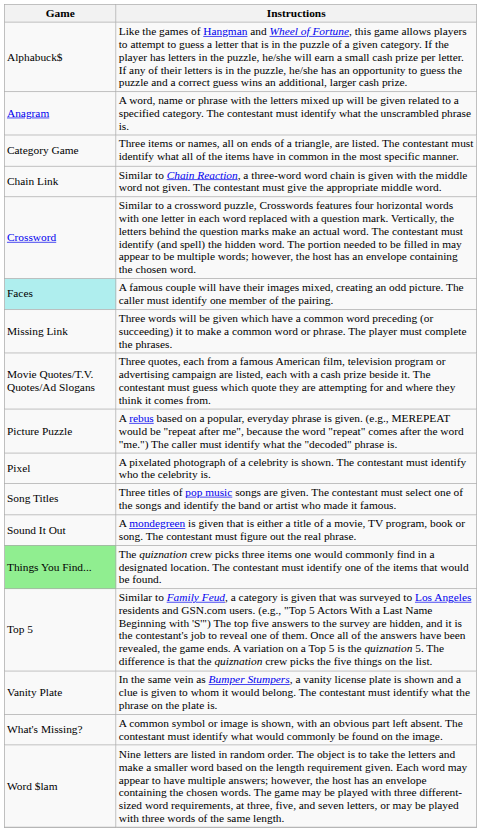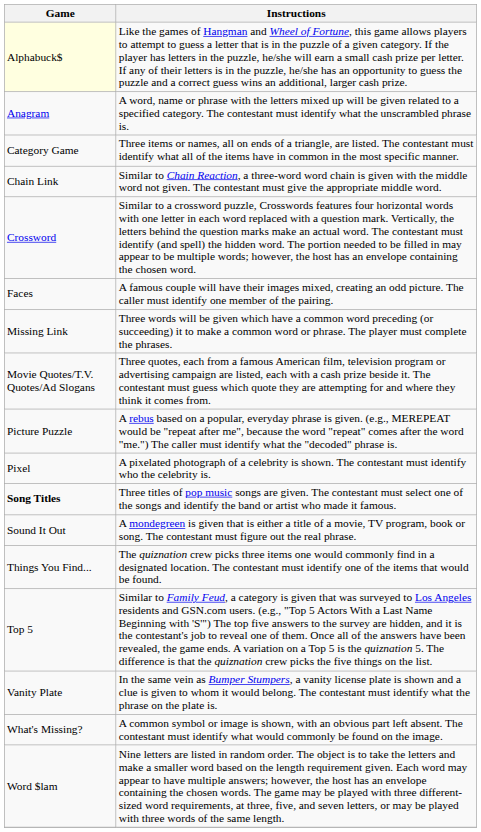 <table class="wikitable">
 <tr>
 <th width="150px">Game</th>
 <th width="500px">Instructions</th>
 </tr>
 <tr>
-<td>Alphabuck$</td>
+<td style="background: lightyellow;">Alphabuck$</td>
 <td>Like the games of <a href='#'>Hangman</a> and <em><a href='#'>Wheel of Fortune</a></em>, this game allows players to attempt to guess a letter that is in the puzzle of a given category. If the player has letters in the puzzle, he/she will earn a small cash prize per letter. If any of their letters is in the puzzle, he/she has an opportunity to guess the puzzle and a correct guess wins an additional, larger cash prize.</td>
 </tr>
 <tr>
 <td><a href='#'>Anagram</a></td>
 <td>A word, name or phrase with the letters mixed up will be given related to a specified category. The contestant must identify what the unscrambled phrase is.</td>
 </tr>
 <tr>
 <td>Category Game</td>
 <td>Three items or names, all on ends of a triangle, are listed. The contestant must identify what all of the items have in common in the most specific manner.</td>
 </tr>
 <tr>
 <td>Chain Link</td>
 <td>Similar to <em><a href='#'>Chain Reaction</a></em>, a three-word word chain is given with the middle word not given. The contestant must give the appropriate middle word.</td>
 </tr>
 <tr>
 <td><a href='#'>Crossword</a></td>
 <td>Similar to a crossword puzzle, Crosswords features four horizontal words with one letter in each word replaced with a question mark. Vertically, the letters behind the question marks make an actual word. The contestant must identify (and spell) the hidden word. The portion needed to be filled in may appear to be multiple words; however, the host has an envelope containing the chosen word.</td>
 </tr>
 <tr>
-<td style="background: paleturquoise;">Faces</td>
+<td>Faces</td>
 <td>A famous couple will have their images mixed, creating an odd picture. The caller must identify one member of the pairing.</td>
 </tr>
 <tr>
 <td>Missing Link</td>
 <td>Three words will be given which have a common word preceding (or succeeding) it to make a common word or phrase. The player must complete the phrases.</td>
 </tr>
 <tr>
 <td>Movie Quotes/T.V. Quotes/Ad Slogans</td>
 <td>Three quotes, each from a famous American film, television program or advertising campaign are listed, each with a cash prize beside it. The contestant must guess which quote they are attempting for and where they think it comes from.</td>
 </tr>
 <tr>
 <td>Picture Puzzle</td>
 <td>A <a href='#'>rebus</a> based on a popular, everyday phrase is given. (e.g., MEREPEAT would be "repeat after me", because the word "repeat" comes after the word "me.") The caller must identify what the "decoded" phrase is.</td>
 </tr>
 <tr>
 <td>Pixel</td>
 <td>A pixelated photograph of a celebrity is shown. The contestant must identify who the celebrity is.</td>
 </tr>
 <tr>
-<td>Song Titles</td>
+<td><strong>Song Titles</strong></td>
 <td>Three titles of <a href='#'>pop music</a> songs are given. The contestant must select one of the songs and identify the band or artist who made it famous.</td>
 </tr>
 <tr>
 <td>Sound It Out</td>
 <td>A <a href='#'>mondegreen</a> is given that is either a title of a movie, TV program, book or song. The contestant must figure out the real phrase.</td>
 </tr>
 <tr>
-<td style="background: lightgreen;">Things You Find...</td>
+<td>Things You Find...</td>
 <td>The <em>quiznation</em> crew picks three items one would commonly find in a designated location. The contestant must identify one of the items that would be found.</td>
 </tr>
 <tr>
 <td>Top 5</td>
 <td>Similar to <em><a href='#'>Family Feud</a></em>, a category is given that was surveyed to <a href='#'>Los Angeles</a> residents and GSN.com users. (e.g., "Top 5 Actors With a Last Name Beginning with 'S'") The top five answers to the survey are hidden, and it is the contestant's job to reveal one of them. Once all of the answers have been revealed, the game ends. A variation on a Top 5 is the  <em>quiznation</em> 5. The difference is that the <em>quiznation</em> crew picks the five things on the list.</td>
 </tr>
 <tr>
 <td>Vanity Plate</td>
 <td>In the same vein as <em><a href='#'>Bumper Stumpers</a></em>, a vanity license plate is shown and a clue is given to whom it would belong. The contestant must identify what the phrase on the plate is.</td>
 </tr>
 <tr>
 <td>What's Missing?</td>
 <td>A common symbol or image is shown, with an obvious part left absent. The contestant must identify what would commonly be found on the image.</td>
 </tr>
 <tr>
 <td>Word $lam</td>
 <td>Nine letters are listed in random order. The object is to take the letters and make a smaller word based on the length requirement given. Each word may appear to have multiple answers; however, the host has an envelope containing the chosen words. The game may be played with three different-sized word requirements, at three, five, and seven letters, or may be played with three words of the same length.</td>
 </tr>
 <tr>
 </tr>
 </table>
